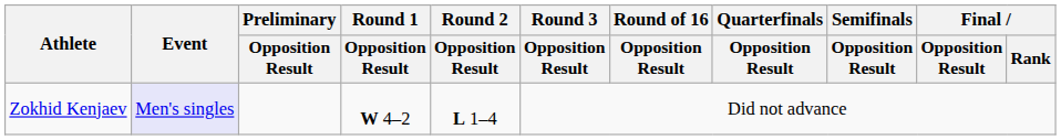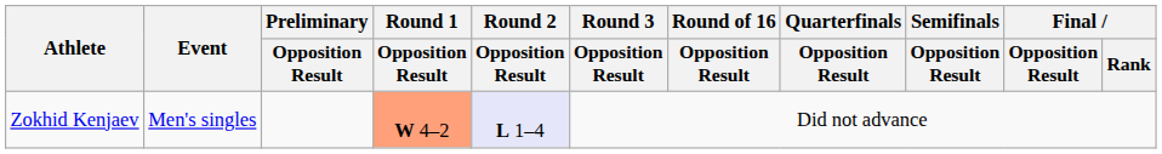 <table class="wikitable" style="font-size:90%;">
 <tr>
 <th rowspan=2>Athlete</th>
 <th rowspan=2>Event</th>
 <th>Preliminary</th>
 <th>Round 1</th>
 <th>Round 2</th>
 <th>Round 3</th>
 <th>Round of 16</th>
 <th>Quarterfinals</th>
 <th>Semifinals</th>
 <th colspan=2>Final / </th>
 </tr>
 <tr style="font-size:95%">
 <th>Opposition<br>Result</th>
 <th>Opposition<br>Result</th>
 <th>Opposition<br>Result</th>
 <th>Opposition<br>Result</th>
 <th>Opposition<br>Result</th>
 <th>Opposition<br>Result</th>
 <th>Opposition<br>Result</th>
 <th>Opposition<br>Result</th>
 <th>Rank</th>
 </tr>
 <tr align=center>
 <td align=left><a href='#'>Zokhid Kenjaev</a></td>
-<td align=left style="background: lavender;"><a href='#'>Men's singles</a></td>
+<td align=left><a href='#'>Men's singles</a></td>
 <td></td>
-<td><br><strong>W</strong> 4–2</td>
-<td><br><strong>L</strong> 1–4</td>
+<td style="background: lightsalmon;"><br><strong>W</strong> 4–2</td>
+<td style="background: lavender;"><br><strong>L</strong> 1–4</td>
 <td colspan=6>Did not advance</td>
 </tr>
 </table>
